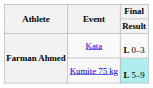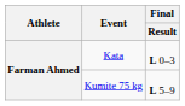 <table class=wikitable style="text-align:center; font-size:90%">
 <tr>
 <th rowspan=2>Athlete</th>
 <th rowspan=2>Event</th>
 <th>Final</th>
 </tr>
 <tr>
 <th>Result</th>
 </tr>
 <tr>
 <th rowspan=2 style="text-align:center">Farman Ahmed</th>
 <td><a href='#'>Kata</a></td>
 <td><br><strong>L</strong> 0–3</td>
 </tr>
 <tr>
 <td><a href='#'>Kumite 75 kg</a></td>
-<td style="background: paleturquoise;"><br><strong>L</strong> 5–9</td>
+<td><br><strong>L</strong> 5–9</td>
 </tr>
 </table>
